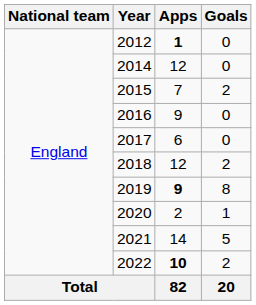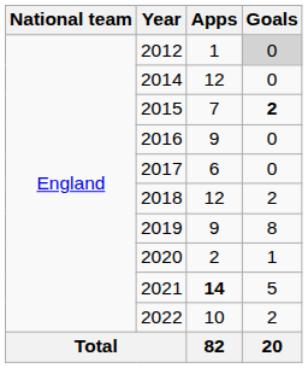 <table class="wikitable" style="text-align: center;">
 <tr>
 <th>National team</th>
 <th>Year</th>
 <th>Apps</th>
 <th>Goals</th>
 </tr>
 <tr>
 <td rowspan="10"><a href='#'>England</a></td>
 <td>2012</td>
-<td><strong>1</strong></td>
-<td>0</td>
+<td>1</td>
+<td style="background: lightgrey;">0</td>
 </tr>
 <tr>
 <td>2014</td>
 <td>12</td>
 <td>0</td>
 </tr>
 <tr>
 <td>2015</td>
 <td>7</td>
-<td>2</td>
+<td><strong>2</strong></td>
 </tr>
 <tr>
 <td>2016</td>
 <td>9</td>
 <td>0</td>
 </tr>
 <tr>
 <td>2017</td>
 <td>6</td>
 <td>0</td>
 </tr>
 <tr>
 <td>2018</td>
 <td>12</td>
 <td>2</td>
 </tr>
 <tr>
 <td>2019</td>
-<td><strong>9</strong></td>
+<td>9</td>
 <td>8</td>
 </tr>
 <tr>
 <td>2020</td>
 <td>2</td>
 <td>1</td>
 </tr>
 <tr>
 <td>2021</td>
-<td>14</td>
+<td><strong>14</strong></td>
 <td>5</td>
 </tr>
 <tr>
 <td>2022</td>
-<td><strong>10</strong></td>
+<td>10</td>
 <td>2</td>
 </tr>
 <tr>
 <th colspan="2">Total</th>
 <th>82</th>
 <th>20</th>
 </tr>
 </table>
